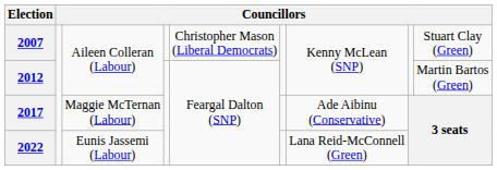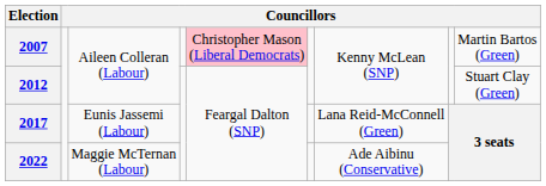 <table class="wikitable" style="text-align:center">
 <tr>
 <th>Election</th>
 <th colspan=8>Councillors</th>
 </tr>
 <tr>
 <th><a href='#'>2007</a></th>
 <td rowspan=4; style="background-color: "></td>
 <td rowspan=2>Aileen Colleran<br>(<a href='#'>Labour</a>)</td>
 <td rowspan=1; style="background-color: "></td>
-<td rowspan=1>Christopher Mason<br>(<a href='#'>Liberal Democrats</a>)</td>
+<td rowspan=1 style="background: pink;">Christopher Mason<br>(<a href='#'>Liberal Democrats</a>)</td>
 <td rowspan=2; style="background-color: "></td>
 <td rowspan=2>Kenny McLean<br>(<a href='#'>SNP</a>)</td>
 <td rowspan=2; style="background-color: "></td>
-<td rowspan=1>Stuart Clay<br>(<a href='#'>Green</a>)</td>
+<td rowspan=1>Martin Bartos<br>(<a href='#'>Green</a>)</td>
 </tr>
 <tr>
 <th><a href='#'>2012</a></th>
 <td rowspan=3; style="background-color: "></td>
 <td rowspan=3>Feargal Dalton<br>(<a href='#'>SNP</a>)</td>
-<td rowspan=1>Martin Bartos<br>(<a href='#'>Green</a>)</td>
+<td rowspan=1>Stuart Clay<br>(<a href='#'>Green</a>)</td>
 </tr>
 <tr>
 <th><a href='#'>2017</a></th>
-<td rowspan=1>Maggie McTernan<br>(<a href='#'>Labour</a>)</td>
+<td rowspan=1>Eunis Jassemi<br>(<a href='#'>Labour</a>)</td>
 <td rowspan=1; style="background-color: "></td>
-<td rowspan=1>Ade Aibinu<br>(<a href='#'>Conservative</a>)</td>
+<td rowspan=1>Lana Reid-McConnell<br>(<a href='#'>Green</a>)</td>
 <th colspan=2; rowspan=2>3 seats</th>
 </tr>
 <tr>
 <th><a href='#'>2022</a></th>
-<td rowspan=1>Eunis Jassemi<br>(<a href='#'>Labour</a>)</td>
+<td rowspan=1>Maggie McTernan<br>(<a href='#'>Labour</a>)</td>
 <td rowspan=1; style="background-color: "></td>
-<td rowspan=1>Lana Reid-McConnell<br>(<a href='#'>Green</a>)</td>
+<td rowspan=1>Ade Aibinu<br>(<a href='#'>Conservative</a>)</td>
 </tr>
 </table>
